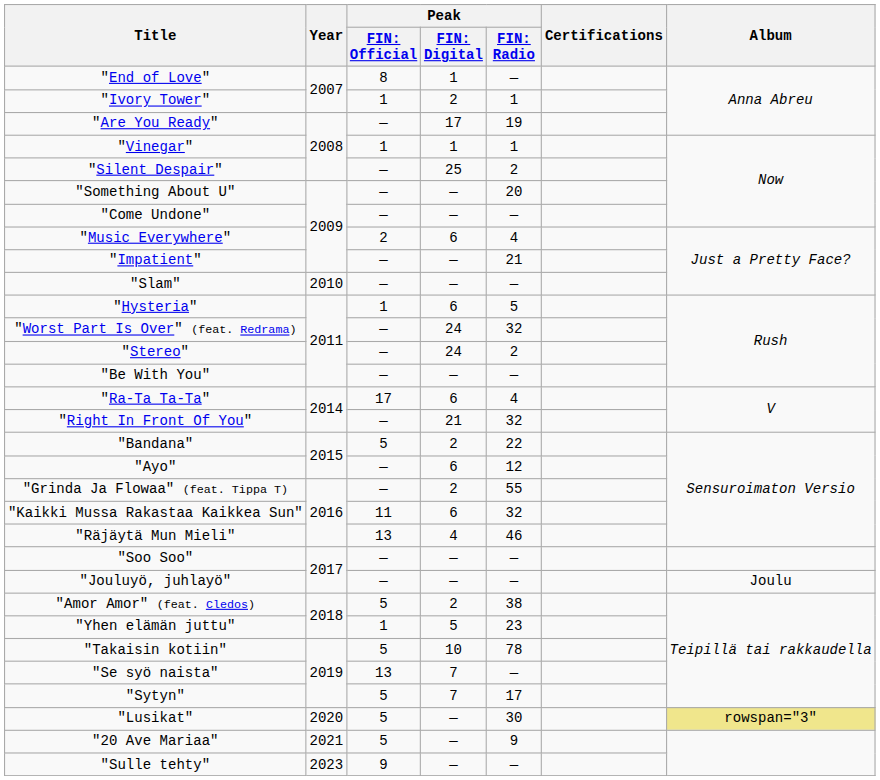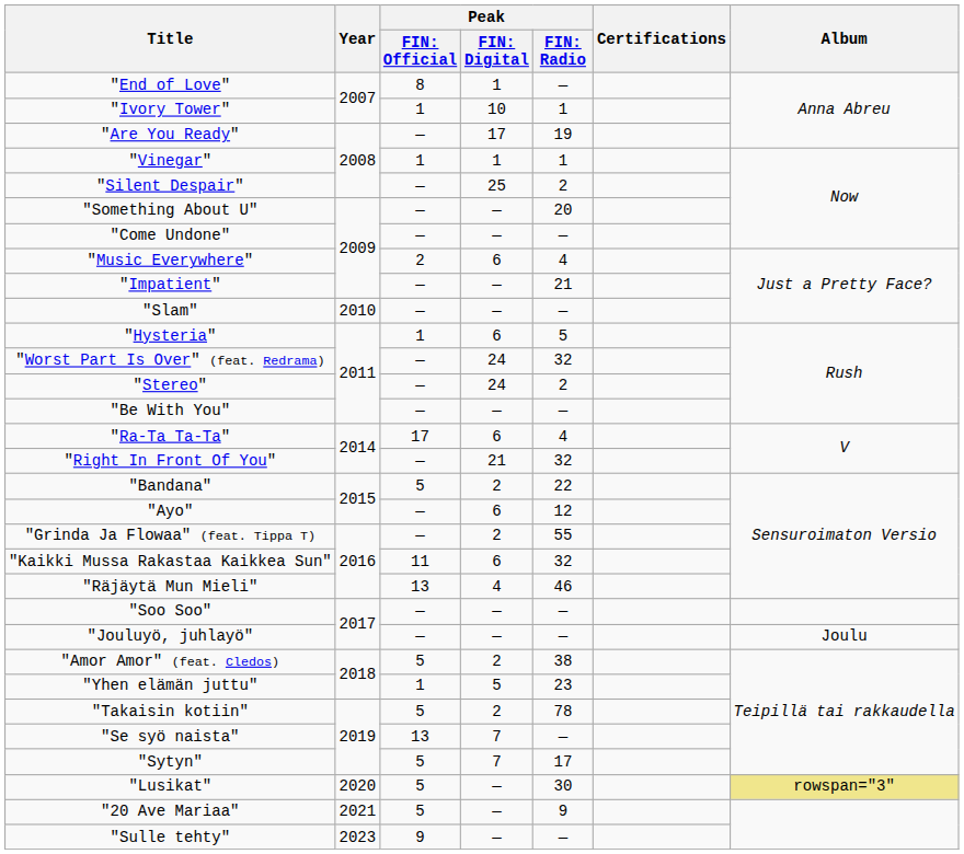 <table class="wikitable plainrowheaders" style="text-align:center;" border="1">
 <tr>
 <th rowspan="2">Title</th>
 <th rowspan="2">Year</th>
 <th colspan="3">Peak</th>
 <th rowspan="2">Certifications<br></th>
 <th rowspan="2">Album</th>
 </tr>
 <tr>
 <th width="45" align="center"><a href='#'>FIN: Official</a><br></th>
 <th width="45" align="center"><a href='#'>FIN: Digital</a><br></th>
 <th width="45" align="center"><a href='#'>FIN: Radio</a><br></th>
 </tr>
 <tr>
 <td scope="row">"<a href='#'>End of Love</a>"</td>
 <td rowspan="2">2007</td>
 <td align="center">8</td>
 <td align="center">1</td>
 <td align="center">—</td>
 <td></td>
 <td rowspan="3" align="center"><em>Anna Abreu</em></td>
 </tr>
 <tr>
 <td scope="row">"<a href='#'>Ivory Tower</a>"</td>
 <td align="center">1</td>
-<td align="center">2</td>
+<td align="center">10</td>
 <td align="center">1</td>
 <td></td>
 </tr>
 <tr>
 <td scope="row">"<a href='#'>Are You Ready</a>"</td>
 <td rowspan="3">2008</td>
 <td align="center">—</td>
 <td align="center">17</td>
 <td align="center">19</td>
 <td></td>
 </tr>
 <tr>
 <td scope="row">"<a href='#'>Vinegar</a>"</td>
 <td align="center">1</td>
 <td align="center">1</td>
 <td align="center">1</td>
 <td></td>
 <td rowspan="4" align="center"><em>Now</em></td>
 </tr>
 <tr>
 <td scope="row">"<a href='#'>Silent Despair</a>"</td>
 <td align="center">—</td>
 <td align="center">25</td>
 <td align="center">2</td>
 <td></td>
 </tr>
 <tr>
 <td scope="row">"Something About U"</td>
 <td rowspan="4">2009</td>
 <td align="center">—</td>
 <td align="center">—</td>
 <td align="center">20</td>
 <td></td>
 </tr>
 <tr>
 <td scope="row">"Come Undone"</td>
 <td align="center">—</td>
 <td align="center">—</td>
 <td align="center">—</td>
 <td></td>
 </tr>
 <tr>
 <td scope="row">"<a href='#'>Music Everywhere</a>"</td>
 <td align="center">2</td>
 <td align="center">6</td>
 <td align="center">4</td>
 <td></td>
 <td rowspan="3" align="center"><em>Just a Pretty Face?</em></td>
 </tr>
 <tr>
 <td scope="row">"<a href='#'>Impatient</a>"</td>
 <td align="center">—</td>
 <td align="center">—</td>
 <td align="center">21</td>
 <td></td>
 </tr>
 <tr>
 <td scope="row">"Slam"</td>
 <td>2010</td>
 <td align="center">—</td>
 <td align="center">—</td>
 <td align="center">—</td>
 <td></td>
 </tr>
 <tr>
 <td scope="row">"<a href='#'>Hysteria</a>"</td>
 <td rowspan="4">2011</td>
 <td align="center">1<br></td>
 <td align="center">6</td>
 <td align="center">5</td>
 <td></td>
 <td rowspan="4" align="center"><em>Rush</em></td>
 </tr>
 <tr>
 <td scope="row">"<a href='#'>Worst Part Is Over</a>" <small>(feat. <a href='#'>Redrama</a>)</small></td>
 <td align="center">—</td>
 <td align="center">24</td>
 <td align="center">32</td>
 <td></td>
 </tr>
 <tr>
 <td scope="row">"<a href='#'>Stereo</a>"</td>
 <td align="center">—</td>
 <td align="center">24</td>
 <td align="center">2</td>
 <td></td>
 </tr>
 <tr>
 <td scope="row">"Be With You"</td>
 <td align="center">—</td>
 <td align="center">—</td>
 <td align="center">—</td>
 <td></td>
 </tr>
 <tr>
 <td scope="row">"<a href='#'>Ra-Ta Ta-Ta</a>"</td>
 <td rowspan="2">2014</td>
 <td align="center">17</td>
 <td align="center">6</td>
 <td align="center">4</td>
 <td></td>
 <td rowspan="2" align="center"><em>V</em></td>
 </tr>
 <tr>
 <td scope="row">"<a href='#'>Right In Front Of You</a>"</td>
 <td align="center">—</td>
 <td align="center">21</td>
 <td align="center">32</td>
 <td></td>
 </tr>
 <tr>
 <td scope="row">"Bandana"</td>
 <td rowspan="2">2015</td>
 <td align="center">5</td>
 <td align="center">2</td>
 <td align="center">22</td>
 <td></td>
 <td rowspan="5"><em>Sensuroimaton Versio</em></td>
 </tr>
 <tr>
 <td scope="row">"Ayo"</td>
 <td align="center">—</td>
 <td align="center">6</td>
 <td align="center">12</td>
 <td></td>
 </tr>
 <tr>
 <td scope="row">"Grinda Ja Flowaa" <small>(feat. Tippa T)</small></td>
 <td rowspan="3">2016</td>
 <td align="center">—</td>
 <td align="center">2</td>
 <td align="center">55</td>
 <td></td>
 </tr>
 <tr>
 <td scope="row">"Kaikki Mussa Rakastaa Kaikkea Sun"</td>
 <td align="center">11</td>
 <td align="center">6</td>
 <td align="center">32</td>
 <td></td>
 </tr>
 <tr>
 <td scope="row">"Räjäytä Mun Mieli"</td>
 <td align="center">13</td>
 <td align="center">4</td>
 <td align="center">46</td>
 <td></td>
 </tr>
 <tr>
 <td scope="row">"Soo Soo"</td>
 <td rowspan="2">2017</td>
 <td align="center">—</td>
 <td align="center">—</td>
 <td align="center">—</td>
 <td></td>
 <td></td>
 </tr>
 <tr>
 <td scope="row">"Jouluyö, juhlayö"</td>
 <td align="center">—</td>
 <td align="center">—</td>
 <td align="center">—</td>
 <td></td>
 <td>Joulu</td>
 </tr>
 <tr>
 <td scope="row">"Amor Amor" <small>(feat. <a href='#'>Cledos</a>)</small></td>
 <td rowspan="2">2018</td>
 <td align="center">5</td>
 <td align="center">2</td>
 <td align="center">38</td>
 <td></td>
 <td rowspan="5"><em>Teipillä tai rakkaudella</em></td>
 </tr>
 <tr>
 <td scope="row">"Yhen elämän juttu"</td>
 <td align="center">1<br></td>
 <td align="center">5</td>
 <td align="center">23</td>
 <td></td>
 </tr>
 <tr>
 <td scope="row">"Takaisin kotiin"</td>
 <td rowspan="3">2019</td>
 <td align="center">5</td>
-<td align="center">10</td>
+<td align="center">2</td>
 <td align="center">78</td>
 </tr>
 <tr>
 <td scope="row">"Se syö naista"</td>
 <td align="center">13<br></td>
 <td align="center">7</td>
 <td align="center">—</td>
 <td></td>
 </tr>
 <tr>
 <td scope="row">"Sytyn"</td>
 <td align="center">5</td>
 <td align="center">7</td>
 <td align="center">17</td>
 <td></td>
 </tr>
 <tr>
 <td scope="row">"Lusikat"</td>
 <td>2020</td>
 <td align="center">5</td>
 <td align="center">—</td>
 <td align="center">30</td>
 <td></td>
 <td style="background: khaki;">rowspan="3" </td>
 </tr>
 <tr>
 <td scope="row">"20 Ave Mariaa"</td>
 <td>2021</td>
 <td align="center">5</td>
 <td align="center">—</td>
 <td align="center">9</td>
 <td></td>
 </tr>
 <tr>
 <td scope="row">"Sulle tehty"</td>
 <td>2023</td>
 <td align="center">9</td>
 <td align="center">—</td>
 <td align="center">—</td>
 <td></td>
 </tr>
 </table>
